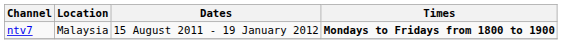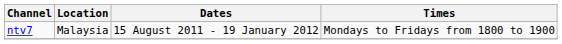 <table class="wikitable">
 <tr>
 <th>Channel</th>
 <th>Location</th>
 <th>Dates</th>
 <th>Times</th>
 </tr>
 <tr>
 <td><a href='#'>ntv7</a></td>
 <td>Malaysia</td>
 <td>15 August 2011 - 19 January 2012</td>
-<td><strong>Mondays to Fridays from 1800 to 1900</strong></td>
+<td>Mondays to Fridays from 1800 to 1900</td>
 </tr>
 <tr>
 </tr>
 </table>
